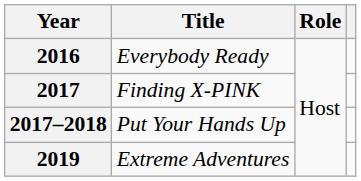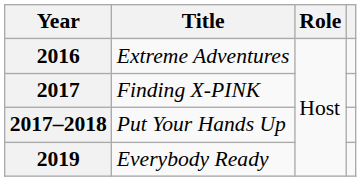 <table class="wikitable plainrowheaders sortable">
 <tr>
 <th scope="col">Year</th>
 <th scope="col">Title</th>
 <th scope="col">Role</th>
 <th scope="col" class="unsortable"></th>
 </tr>
 <tr>
 <th scope="row">2016</th>
-<td><em>Everybody Ready</em></td>
+<td><em>Extreme Adventures</em></td>
 <td rowspan="4">Host</td>
 <td style="text-align:center"></td>
 </tr>
 <tr>
 <th scope="row">2017</th>
 <td><em>Finding X-PINK</em></td>
 <td style="text-align:center"></td>
 </tr>
 <tr>
 <th scope="row">2017–2018</th>
 <td><em>Put Your Hands Up</em></td>
 <td style="text-align:center"></td>
 </tr>
 <tr>
 <th scope="row">2019</th>
-<td><em>Extreme Adventures</em></td>
+<td><em>Everybody Ready</em></td>
 <td style="text-align:center"></td>
 </tr>
 </table>
